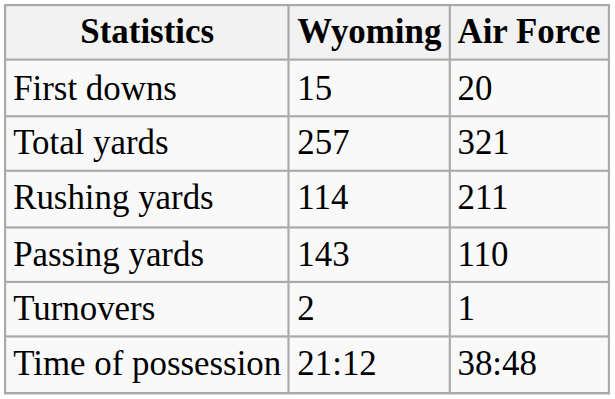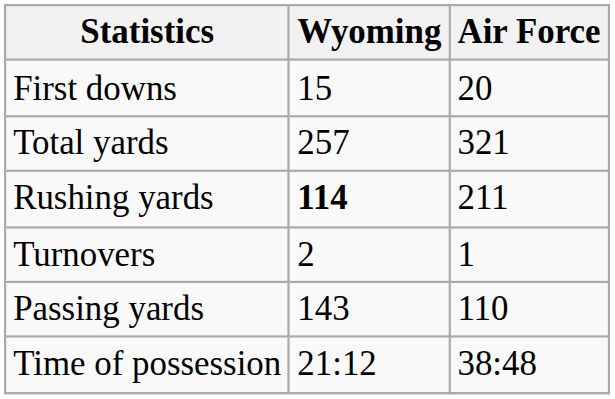 <table class="wikitable">
 <tr>
 <th>Statistics</th>
 <th>Wyoming</th>
 <th>Air Force</th>
 </tr>
 <tr>
 <td>First downs</td>
 <td>15</td>
 <td>20</td>
 </tr>
 <tr>
 <td>Total yards</td>
 <td>257</td>
 <td>321</td>
 </tr>
 <tr>
 <td>Rushing yards</td>
-<td>114</td>
+<td><strong>114</strong></td>
 <td>211</td>
+</tr>
+<tr>
+<td>Turnovers</td>
+<td>2</td>
+<td>1</td>
 </tr>
 <tr>
 <td>Passing yards</td>
 <td>143</td>
 <td>110</td>
-</tr>
-<tr>
-<td>Turnovers</td>
-<td>2</td>
-<td>1</td>
 </tr>
 <tr>
 <td>Time of possession</td>
 <td>21:12</td>
 <td>38:48</td>
 </tr>
 <tr>
 </tr>
 </table>
